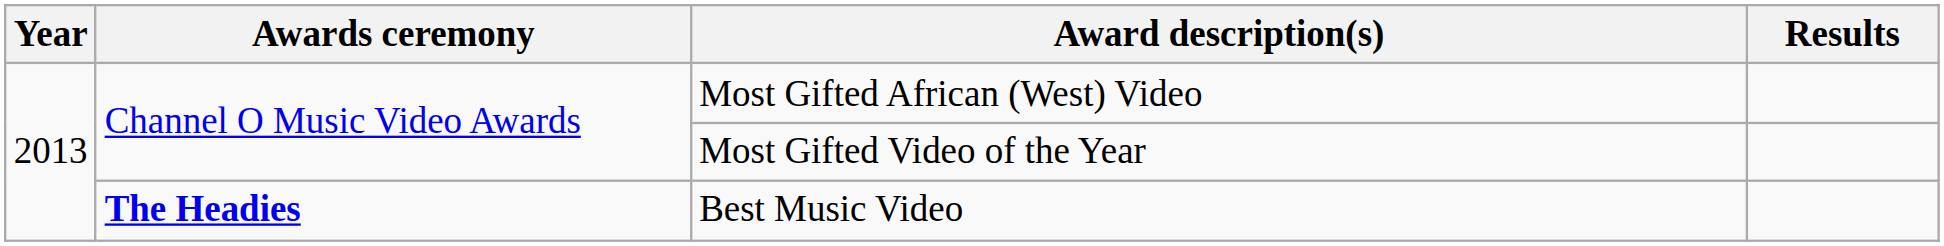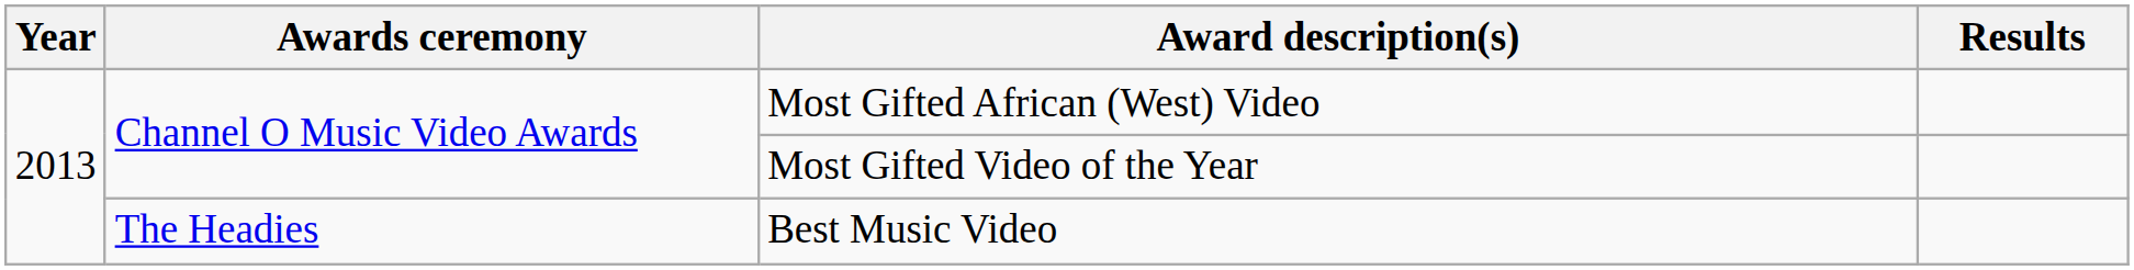 <table class="wikitable">
 <tr>
 <th>Year</th>
 <th width="250">Awards ceremony</th>
 <th width="450">Award description(s)</th>
 <th width="75">Results</th>
 </tr>
 <tr>
 <td rowspan="3">2013</td>
 <td rowspan="2"><a href='#'>Channel O Music Video Awards</a></td>
 <td>Most Gifted African (West) Video</td>
 <td></td>
 </tr>
 <tr>
 <td>Most Gifted Video of the Year</td>
 <td></td>
 </tr>
 <tr>
-<td><strong><a href='#'>The Headies</a></strong></td>
+<td><a href='#'>The Headies</a></td>
 <td>Best Music Video</td>
 <td></td>
 </tr>
 </table>
